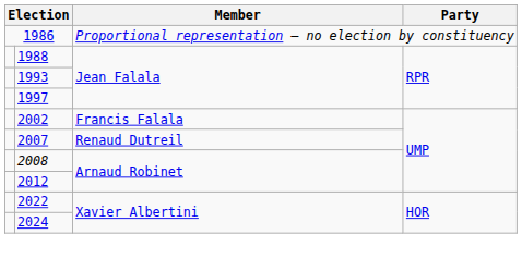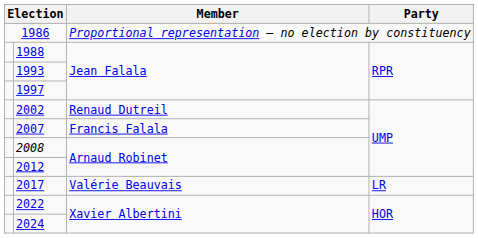 <table class="wikitable">
 <tr>
 <th colspan="2">Election</th>
 <th>Member</th>
 <th>Party</th>
 </tr>
 <tr>
 <td colspan="2" align="center"><a href='#'>1986</a></td>
 <td colspan="2"><em><a href='#'>Proportional representation</a> – no election by constituency</em></td>
 </tr>
 <tr>
 <td style="color:inherit;background-color: "></td>
 <td><a href='#'>1988</a></td>
 <td rowspan="3"><a href='#'>Jean Falala</a></td>
 <td rowspan="3"><a href='#'>RPR</a></td>
 </tr>
 <tr>
 <td style="color:inherit;background-color: "></td>
 <td><a href='#'>1993</a></td>
 </tr>
 <tr>
 <td style="color:inherit;background-color: "></td>
 <td><a href='#'>1997</a></td>
 </tr>
 <tr>
 <td style="color:inherit;background-color: "></td>
 <td><a href='#'>2002</a></td>
-<td><a href='#'>Francis Falala</a></td>
+<td><a href='#'>Renaud Dutreil</a></td>
 <td rowspan="4"><a href='#'>UMP</a></td>
 </tr>
 <tr>
 <td style="color:inherit;background-color: "></td>
 <td><a href='#'>2007</a></td>
-<td><a href='#'>Renaud Dutreil</a></td>
+<td><a href='#'>Francis Falala</a></td>
 </tr>
 <tr>
 <td style="color:inherit;background-color: "></td>
 <td><em>2008</em></td>
 <td rowspan="2"><a href='#'>Arnaud Robinet</a></td>
 </tr>
 <tr>
 <td style="color:inherit;background-color: "></td>
 <td><a href='#'>2012</a></td>
 </tr>
 <tr>
 <td style="color:inherit;background-color: "></td>
+<td><a href='#'>2017</a></td>
+<td><a href='#'>Valérie Beauvais</a></td>
+<td><a href='#'>LR</a></td>
+</tr>
+<tr>
+<td style="color:inherit;background-color: "></td>
 <td><a href='#'>2022</a></td>
 <td rowspan="2"><a href='#'>Xavier Albertini</a></td>
 <td rowspan="2"><a href='#'>HOR</a></td>
 </tr>
 <tr>
 <td style="color:inherit;background-color: "></td>
 <td><a href='#'>2024</a></td>
 </tr>
 </table>
